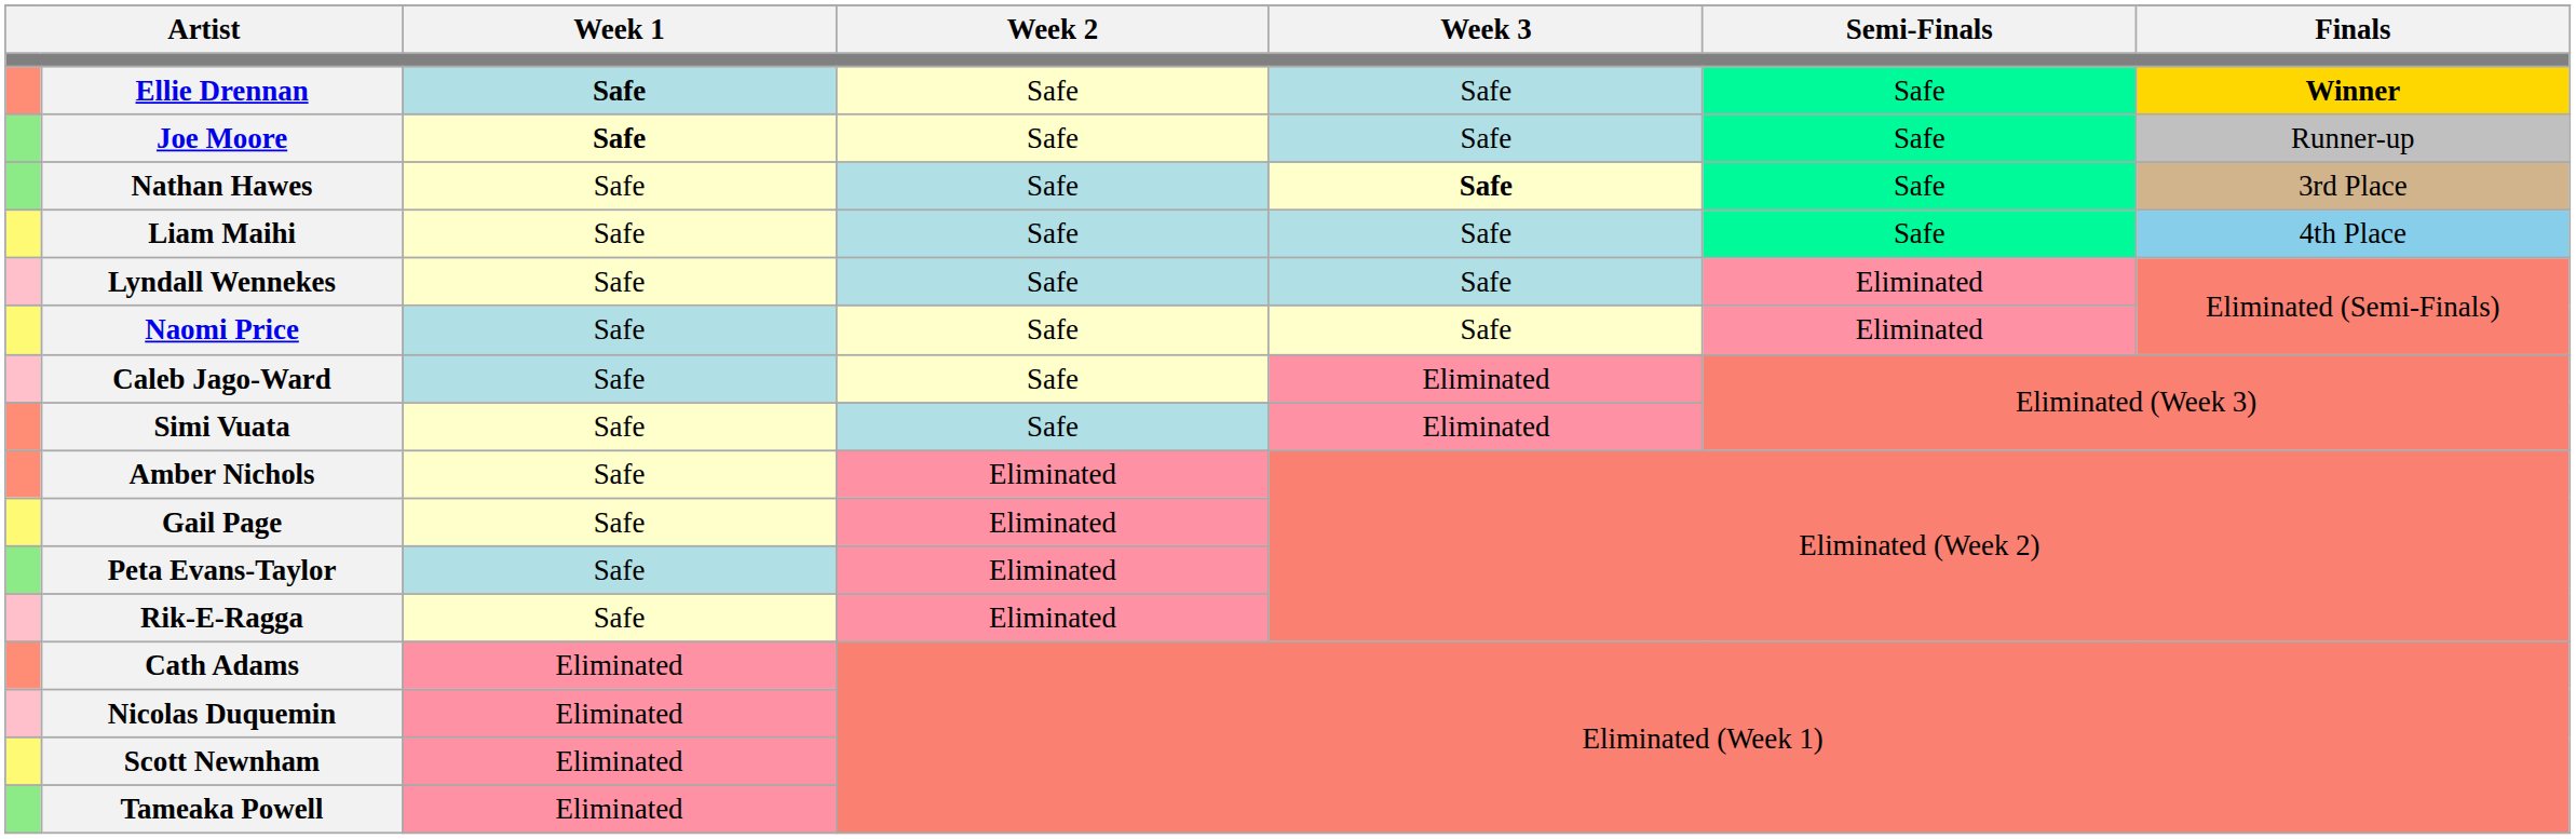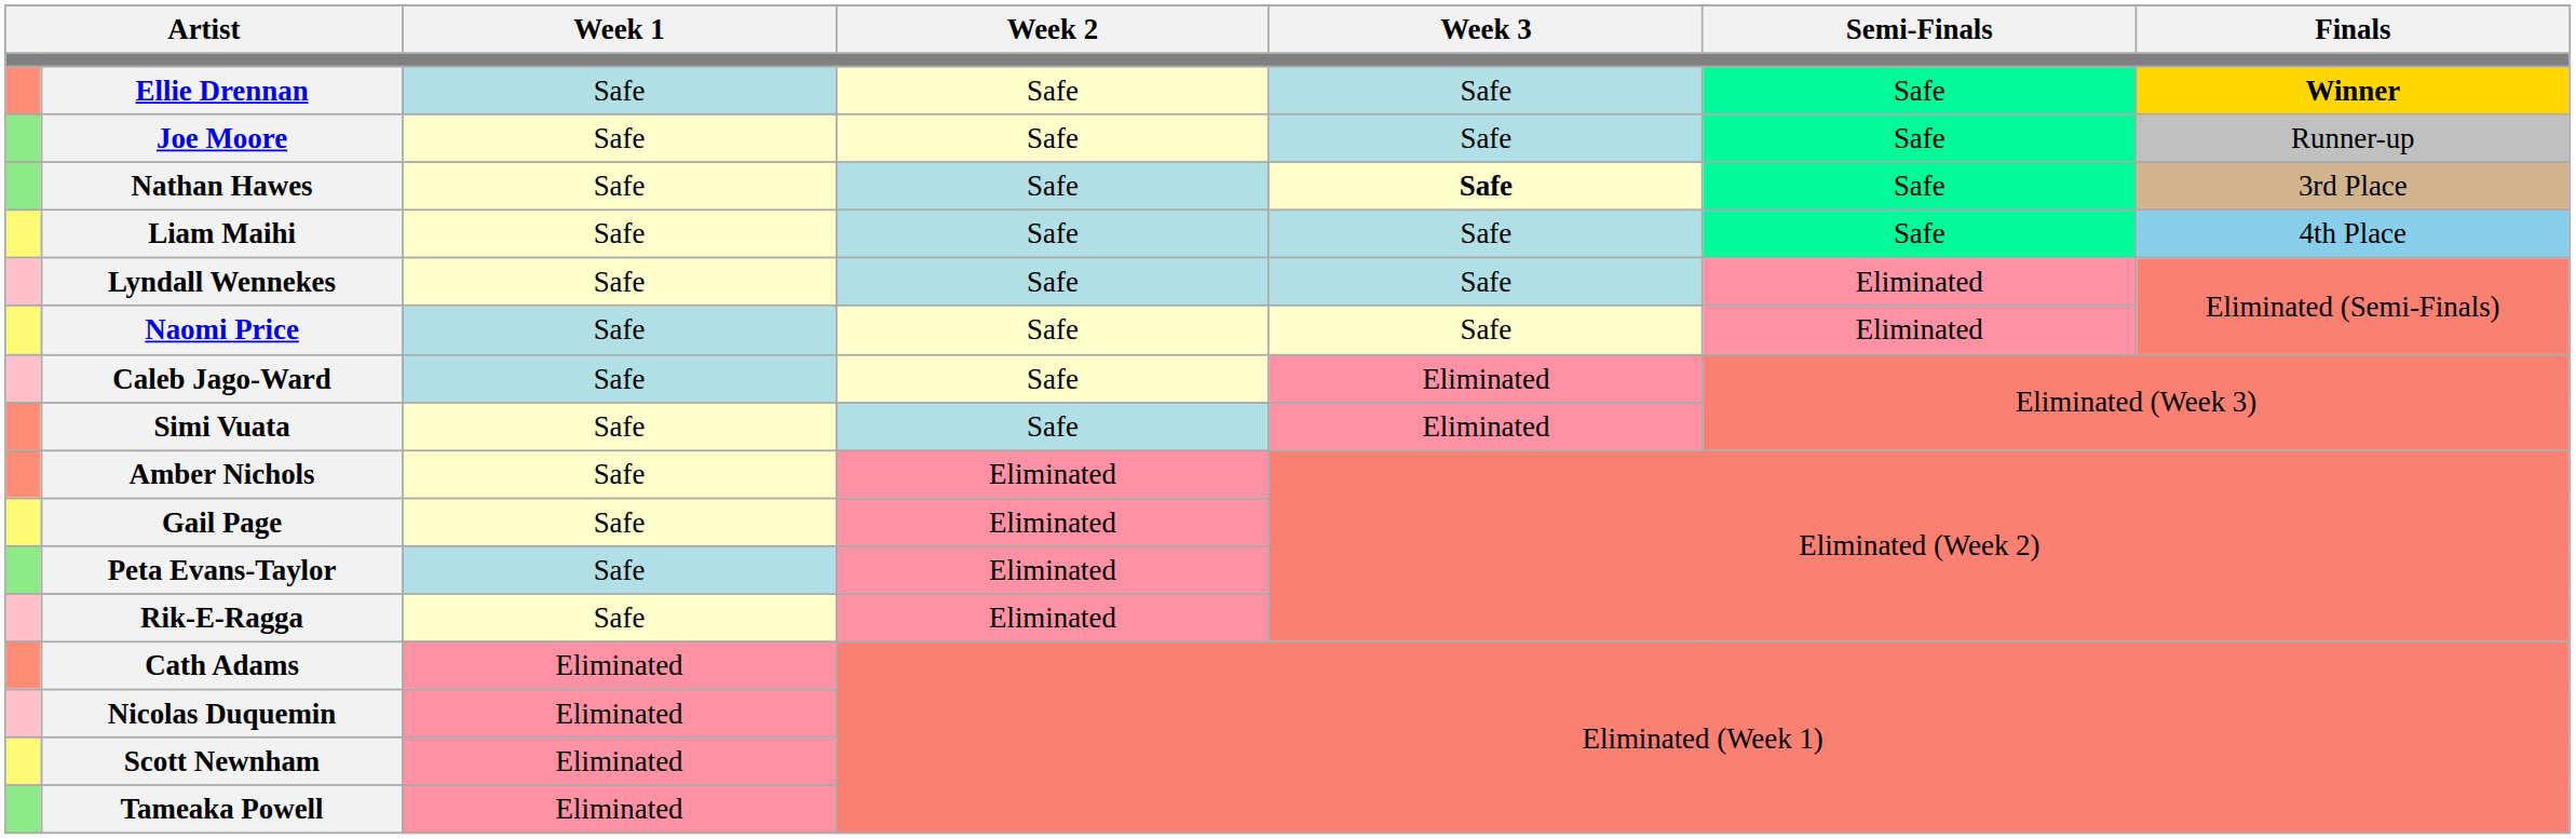 <table class="wikitable"  style="text-align:center; font-size:95%; width:auto;">
 <tr>
 </tr>
 <tr>
 <th style="width:11%;" colspan="2">Artist</th>
 <th style="width:12%;">Week 1</th>
 <th style="width:12%;">Week 2</th>
 <th style="width:12%;">Week 3</th>
 <th style="width:12%;">Semi-Finals</th>
 <th style="width:12%;">Finals</th>
 </tr>
 <tr>
 <th colspan="9" style="background:gray;"></th>
 </tr>
 <tr>
 <th style="width:1%; background:#ff8c75"></th>
 <th style="width:10%"><a href='#'>Ellie Drennan</a></th>
-<td style="background:#B0E0E6;"><strong>Safe</strong></td>
+<td style="background:#B0E0E6;">Safe</td>
 <td style="background:#ffc;">Safe</td>
 <td style="background:#B0E0E6;">Safe</td>
 <td style="background:#00FA9A;">Safe</td>
 <th style="background:gold;">Winner</th>
 </tr>
 <tr>
 <th style="background:#8deb87;"></th>
 <th><a href='#'>Joe Moore</a></th>
-<td style="background:#ffc;"><strong>Safe</strong></td>
+<td style="background:#ffc;">Safe</td>
 <td style="background:#ffc;">Safe</td>
 <td style="background:#B0E0E6;">Safe</td>
 <td style="background:#00FA9A;">Safe</td>
 <td bgcolor="silver">Runner-up</td>
 </tr>
 <tr>
 <th style="background:#8deb87;"></th>
 <th>Nathan Hawes</th>
 <td style="background:#ffc;">Safe</td>
 <td style="background:#B0E0E6;">Safe</td>
 <td style="background:#ffc;"><strong>Safe</strong></td>
 <td style="background:#00FA9A;">Safe</td>
 <td bgcolor="tan">3rd Place</td>
 </tr>
 <tr>
 <th style="background:#fffa73;"></th>
 <th>Liam Maihi</th>
 <td style="background:#ffc;">Safe</td>
 <td style="background:#B0E0E6;">Safe</td>
 <td style="background:#B0E0E6;">Safe</td>
 <td style="background:#00FA9A;">Safe</td>
 <td bgcolor="skyblue">4th Place</td>
 </tr>
 <tr>
 <th style="background:pink;"></th>
 <th>Lyndall Wennekes</th>
 <td style="background:#ffc;">Safe</td>
 <td style="background:#B0E0E6;">Safe</td>
 <td style="background:#B0E0E6;">Safe</td>
 <td style="background:#FF91A4;">Eliminated</td>
 <td rowspan="2" colspan="6" style="background:salmon;">Eliminated (Semi-Finals)</td>
 </tr>
 <tr>
 <th style="background:#fffa73;"></th>
 <th><a href='#'>Naomi Price</a></th>
 <td style="background:#B0E0E6;">Safe</td>
 <td style="background:#ffc;">Safe</td>
 <td style="background:#ffc;">Safe</td>
 <td style="background:#FF91A4;">Eliminated</td>
 </tr>
 <tr>
 <th style="background:pink;"></th>
 <th>Caleb Jago-Ward</th>
 <td style="background:#B0E0E6;">Safe</td>
 <td style="background:#ffc;">Safe</td>
 <td style="background:#FF91A4;">Eliminated</td>
 <td rowspan="2" colspan="6" style="background:salmon;">Eliminated (Week 3)</td>
 </tr>
 <tr>
 <th style="background:#ff8c75"></th>
 <th>Simi Vuata</th>
 <td style="background:#ffc;">Safe</td>
 <td style="background:#B0E0E6;">Safe</td>
 <td style="background:#FF91A4;">Eliminated</td>
 </tr>
 <tr>
 <th style="background:#ff8c75"></th>
 <th>Amber Nichols</th>
 <td style="background:#ffc;">Safe</td>
 <td style="background:#FF91A4;">Eliminated</td>
 <td rowspan="4" colspan="6" style="background:salmon;">Eliminated (Week 2)</td>
 </tr>
 <tr>
 <th style="background:#fffa73;"></th>
 <th>Gail Page</th>
 <td style="background:#ffc;">Safe</td>
 <td style="background:#FF91A4;">Eliminated</td>
 </tr>
 <tr>
 <th style="background:#8deb87;"></th>
 <th>Peta Evans-Taylor</th>
 <td style="background:#B0E0E6;">Safe</td>
 <td style="background:#FF91A4;">Eliminated</td>
 </tr>
 <tr>
 <th style="background:pink;"></th>
 <th>Rik-E-Ragga</th>
 <td style="background:#ffc;">Safe</td>
 <td style="background:#FF91A4;">Eliminated</td>
 </tr>
 <tr>
 <th style="background:#ff8c75"></th>
 <th>Cath Adams</th>
 <td style="background:#FF91A4;">Eliminated</td>
 <td rowspan="4" colspan="6" style="background:salmon;">Eliminated (Week 1)</td>
 </tr>
 <tr>
 <th style="background:pink;"></th>
 <th>Nicolas Duquemin</th>
 <td style="background:#FF91A4;">Eliminated</td>
 </tr>
 <tr>
 <th style="background:#fffa73;"></th>
 <th>Scott Newnham</th>
 <td style="background:#FF91A4;">Eliminated</td>
 </tr>
 <tr>
 <th style="background:#8deb87;"></th>
 <th>Tameaka Powell</th>
 <td style="background:#FF91A4;">Eliminated</td>
 </tr>
 </table>
